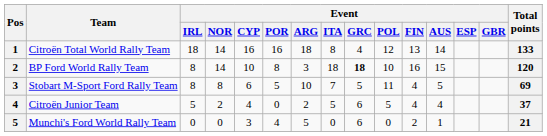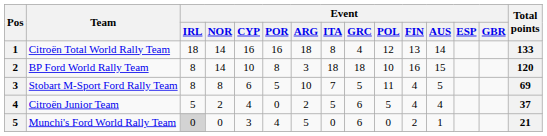 <table class="wikitable" style="text-align:center; font-size:85%;">
 <tr>
 <th rowspan=2>Pos</th>
 <th rowspan=2>Team</th>
 <th colspan=12>Event</th>
 <th rowspan=2>Total<br>points</th>
 </tr>
 <tr valign="top">
 <th><a href='#'>IRL</a><br></th>
 <th><a href='#'>NOR</a><br></th>
 <th><a href='#'>CYP</a><br></th>
 <th><a href='#'>POR</a><br></th>
 <th><a href='#'>ARG</a><br></th>
 <th><a href='#'>ITA</a><br></th>
 <th><a href='#'>GRC</a><br></th>
 <th><a href='#'>POL</a><br></th>
 <th><a href='#'>FIN</a><br></th>
 <th><a href='#'>AUS</a><br></th>
 <th><a href='#'>ESP</a><br></th>
 <th><a href='#'>GBR</a><br></th>
 </tr>
 <tr>
 <th>1</th>
 <td align="left"> <a href='#'>Citroën Total World Rally Team</a></td>
 <td>18</td>
 <td>14</td>
 <td>16</td>
 <td>16</td>
 <td>18</td>
 <td>8</td>
 <td>4</td>
 <td>12</td>
 <td>13</td>
 <td>14</td>
 <td></td>
 <td></td>
 <th>133</th>
 </tr>
 <tr>
 <th>2</th>
 <td align="left"> <a href='#'>BP Ford World Rally Team</a></td>
 <td>8</td>
 <td>14</td>
 <td>10</td>
 <td>8</td>
 <td>3</td>
 <td>18</td>
-<td><strong>18</strong></td>
+<td>18</td>
 <td>10</td>
 <td>16</td>
 <td>15</td>
 <td></td>
 <td></td>
 <th>120</th>
 </tr>
 <tr>
 <th>3</th>
 <td align="left"> <a href='#'>Stobart M-Sport Ford Rally Team</a></td>
 <td>8</td>
 <td>8</td>
 <td>6</td>
 <td>5</td>
 <td>10</td>
 <td>7</td>
 <td>5</td>
 <td>11</td>
 <td>4</td>
 <td>5</td>
 <td></td>
 <td></td>
 <th>69</th>
 </tr>
 <tr>
 <th>4</th>
 <td align="left"> <a href='#'>Citroën Junior Team</a></td>
 <td>5</td>
 <td>2</td>
 <td>4</td>
 <td>0</td>
 <td>2</td>
 <td>5</td>
 <td>6</td>
 <td>5</td>
 <td>4</td>
 <td>4</td>
 <td></td>
 <td></td>
 <th>37</th>
 </tr>
 <tr>
 <th>5</th>
 <td align="left"> <a href='#'>Munchi's Ford World Rally Team</a></td>
-<td>0</td>
+<td style="background: lightgrey;">0</td>
 <td>0</td>
 <td>3</td>
 <td>4</td>
 <td>5</td>
 <td>0</td>
 <td>6</td>
 <td>0</td>
 <td>2</td>
 <td>1</td>
 <td></td>
 <td></td>
 <th>21</th>
 </tr>
 </table>
